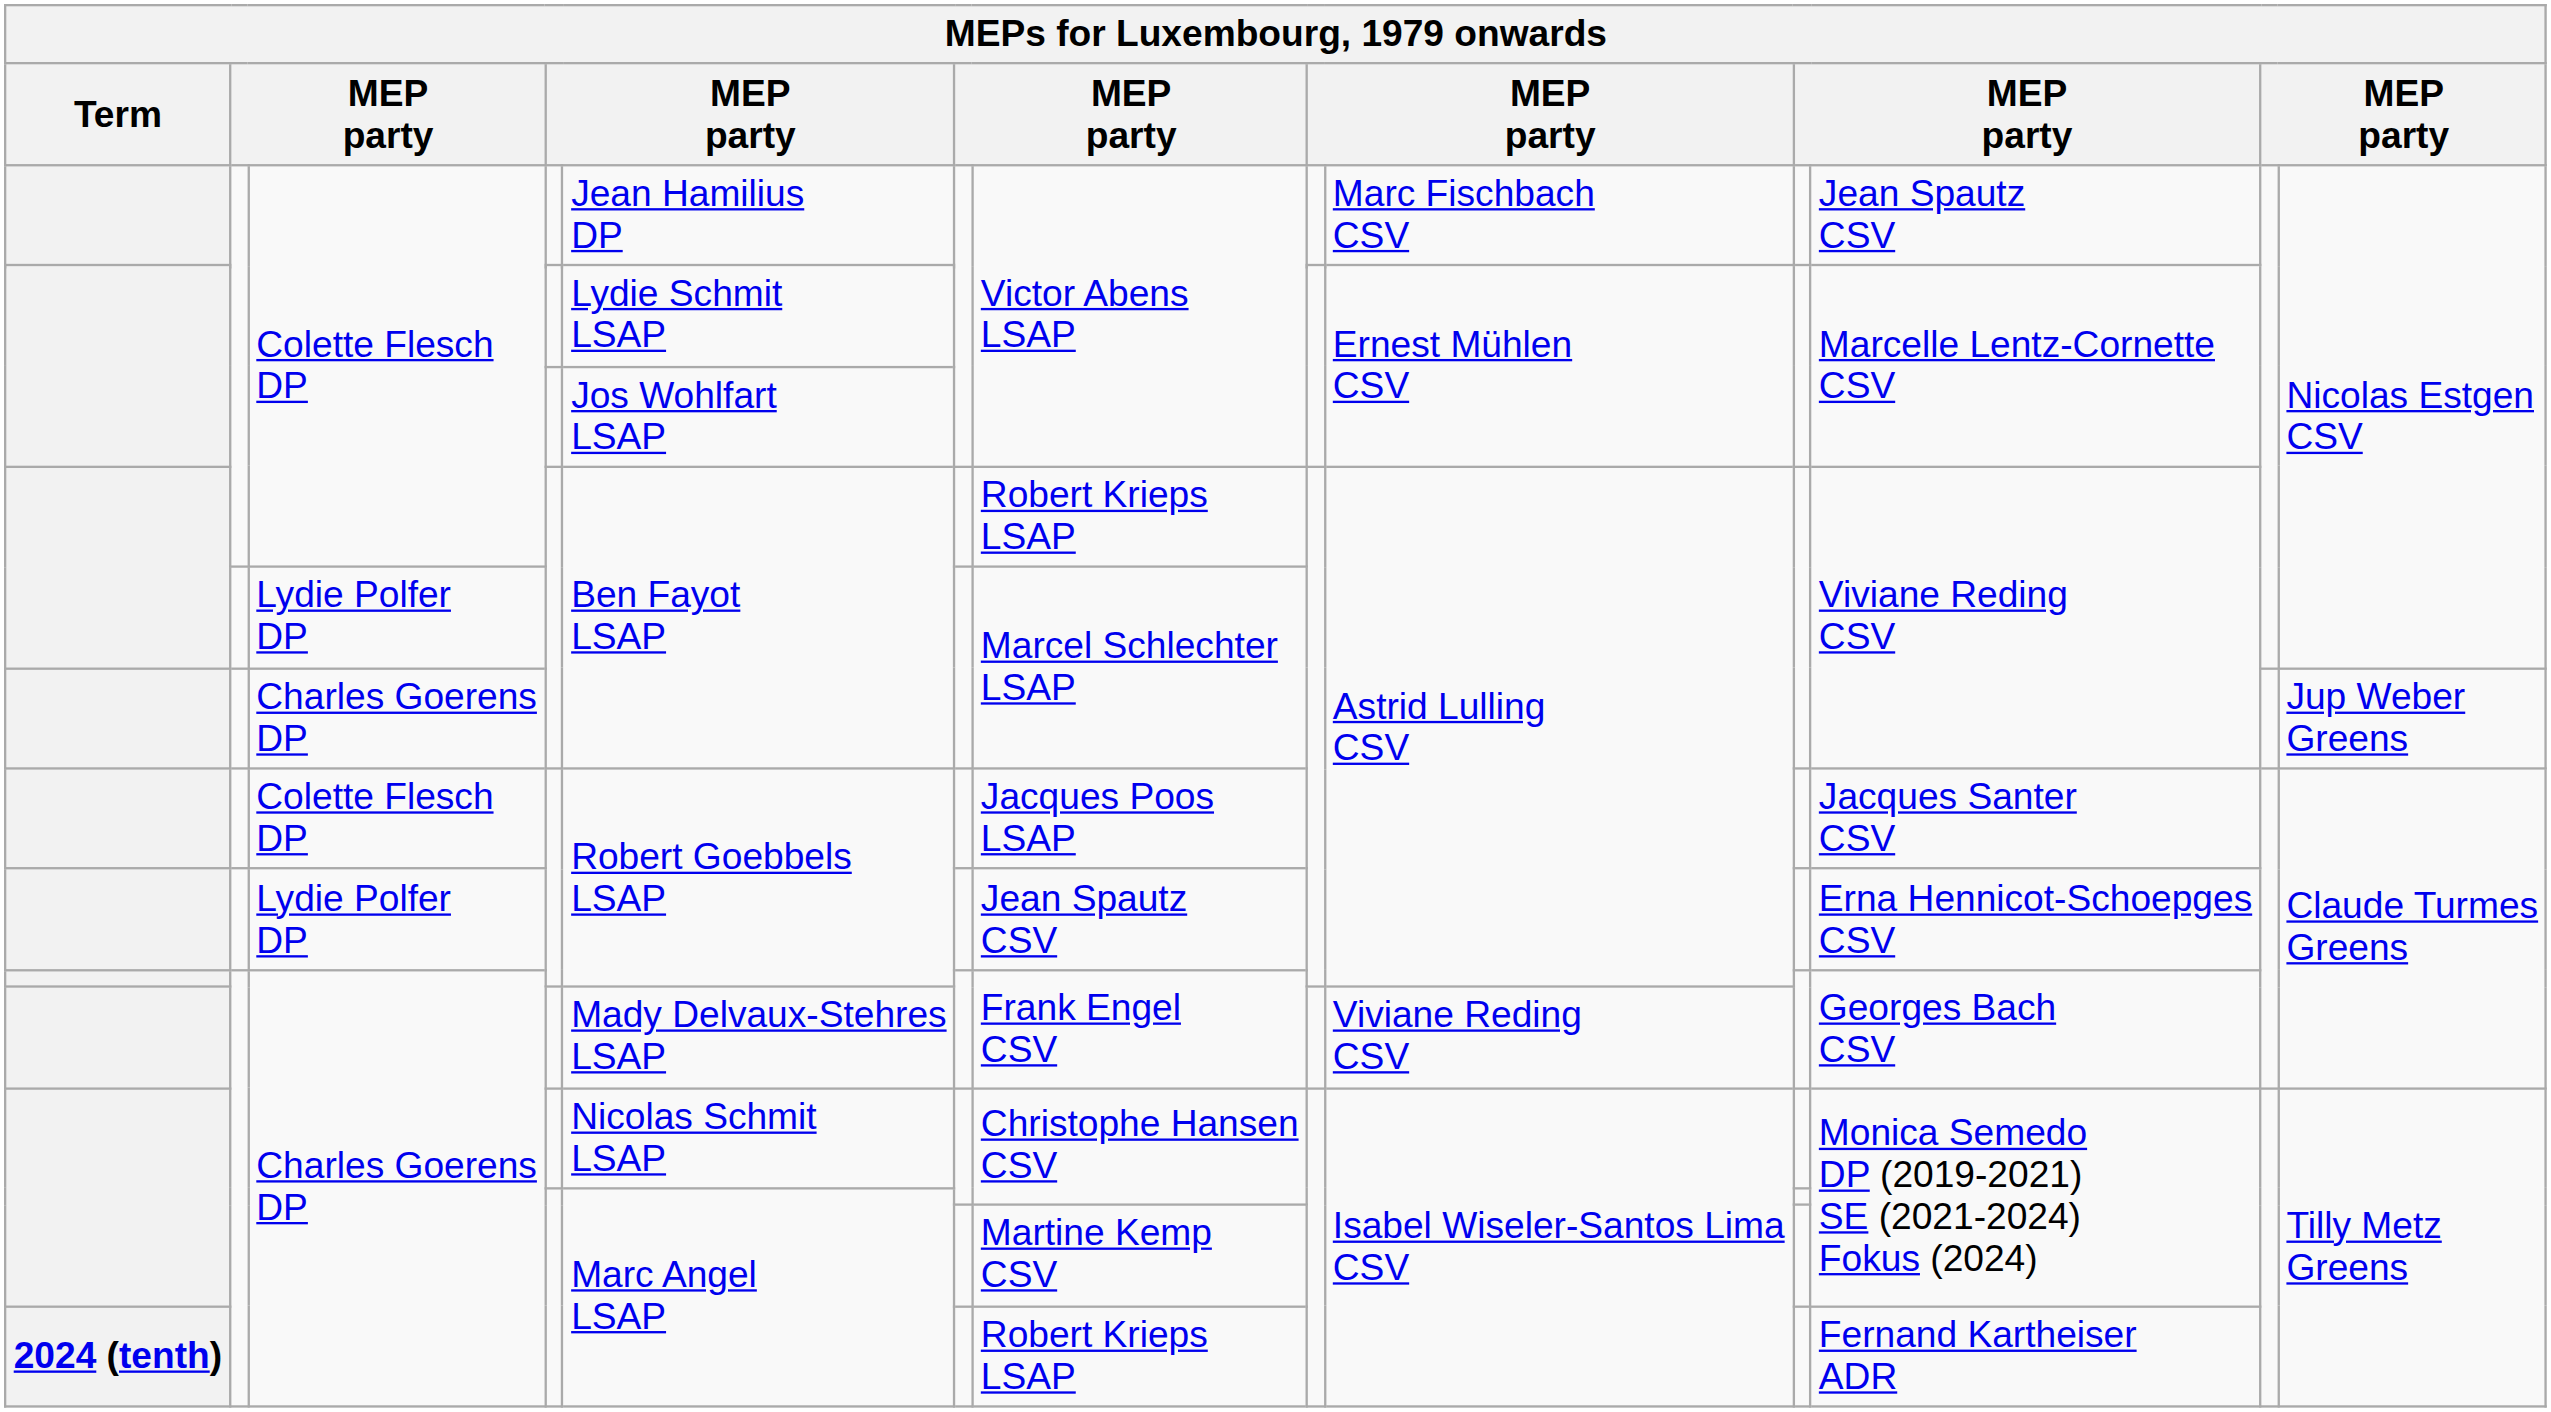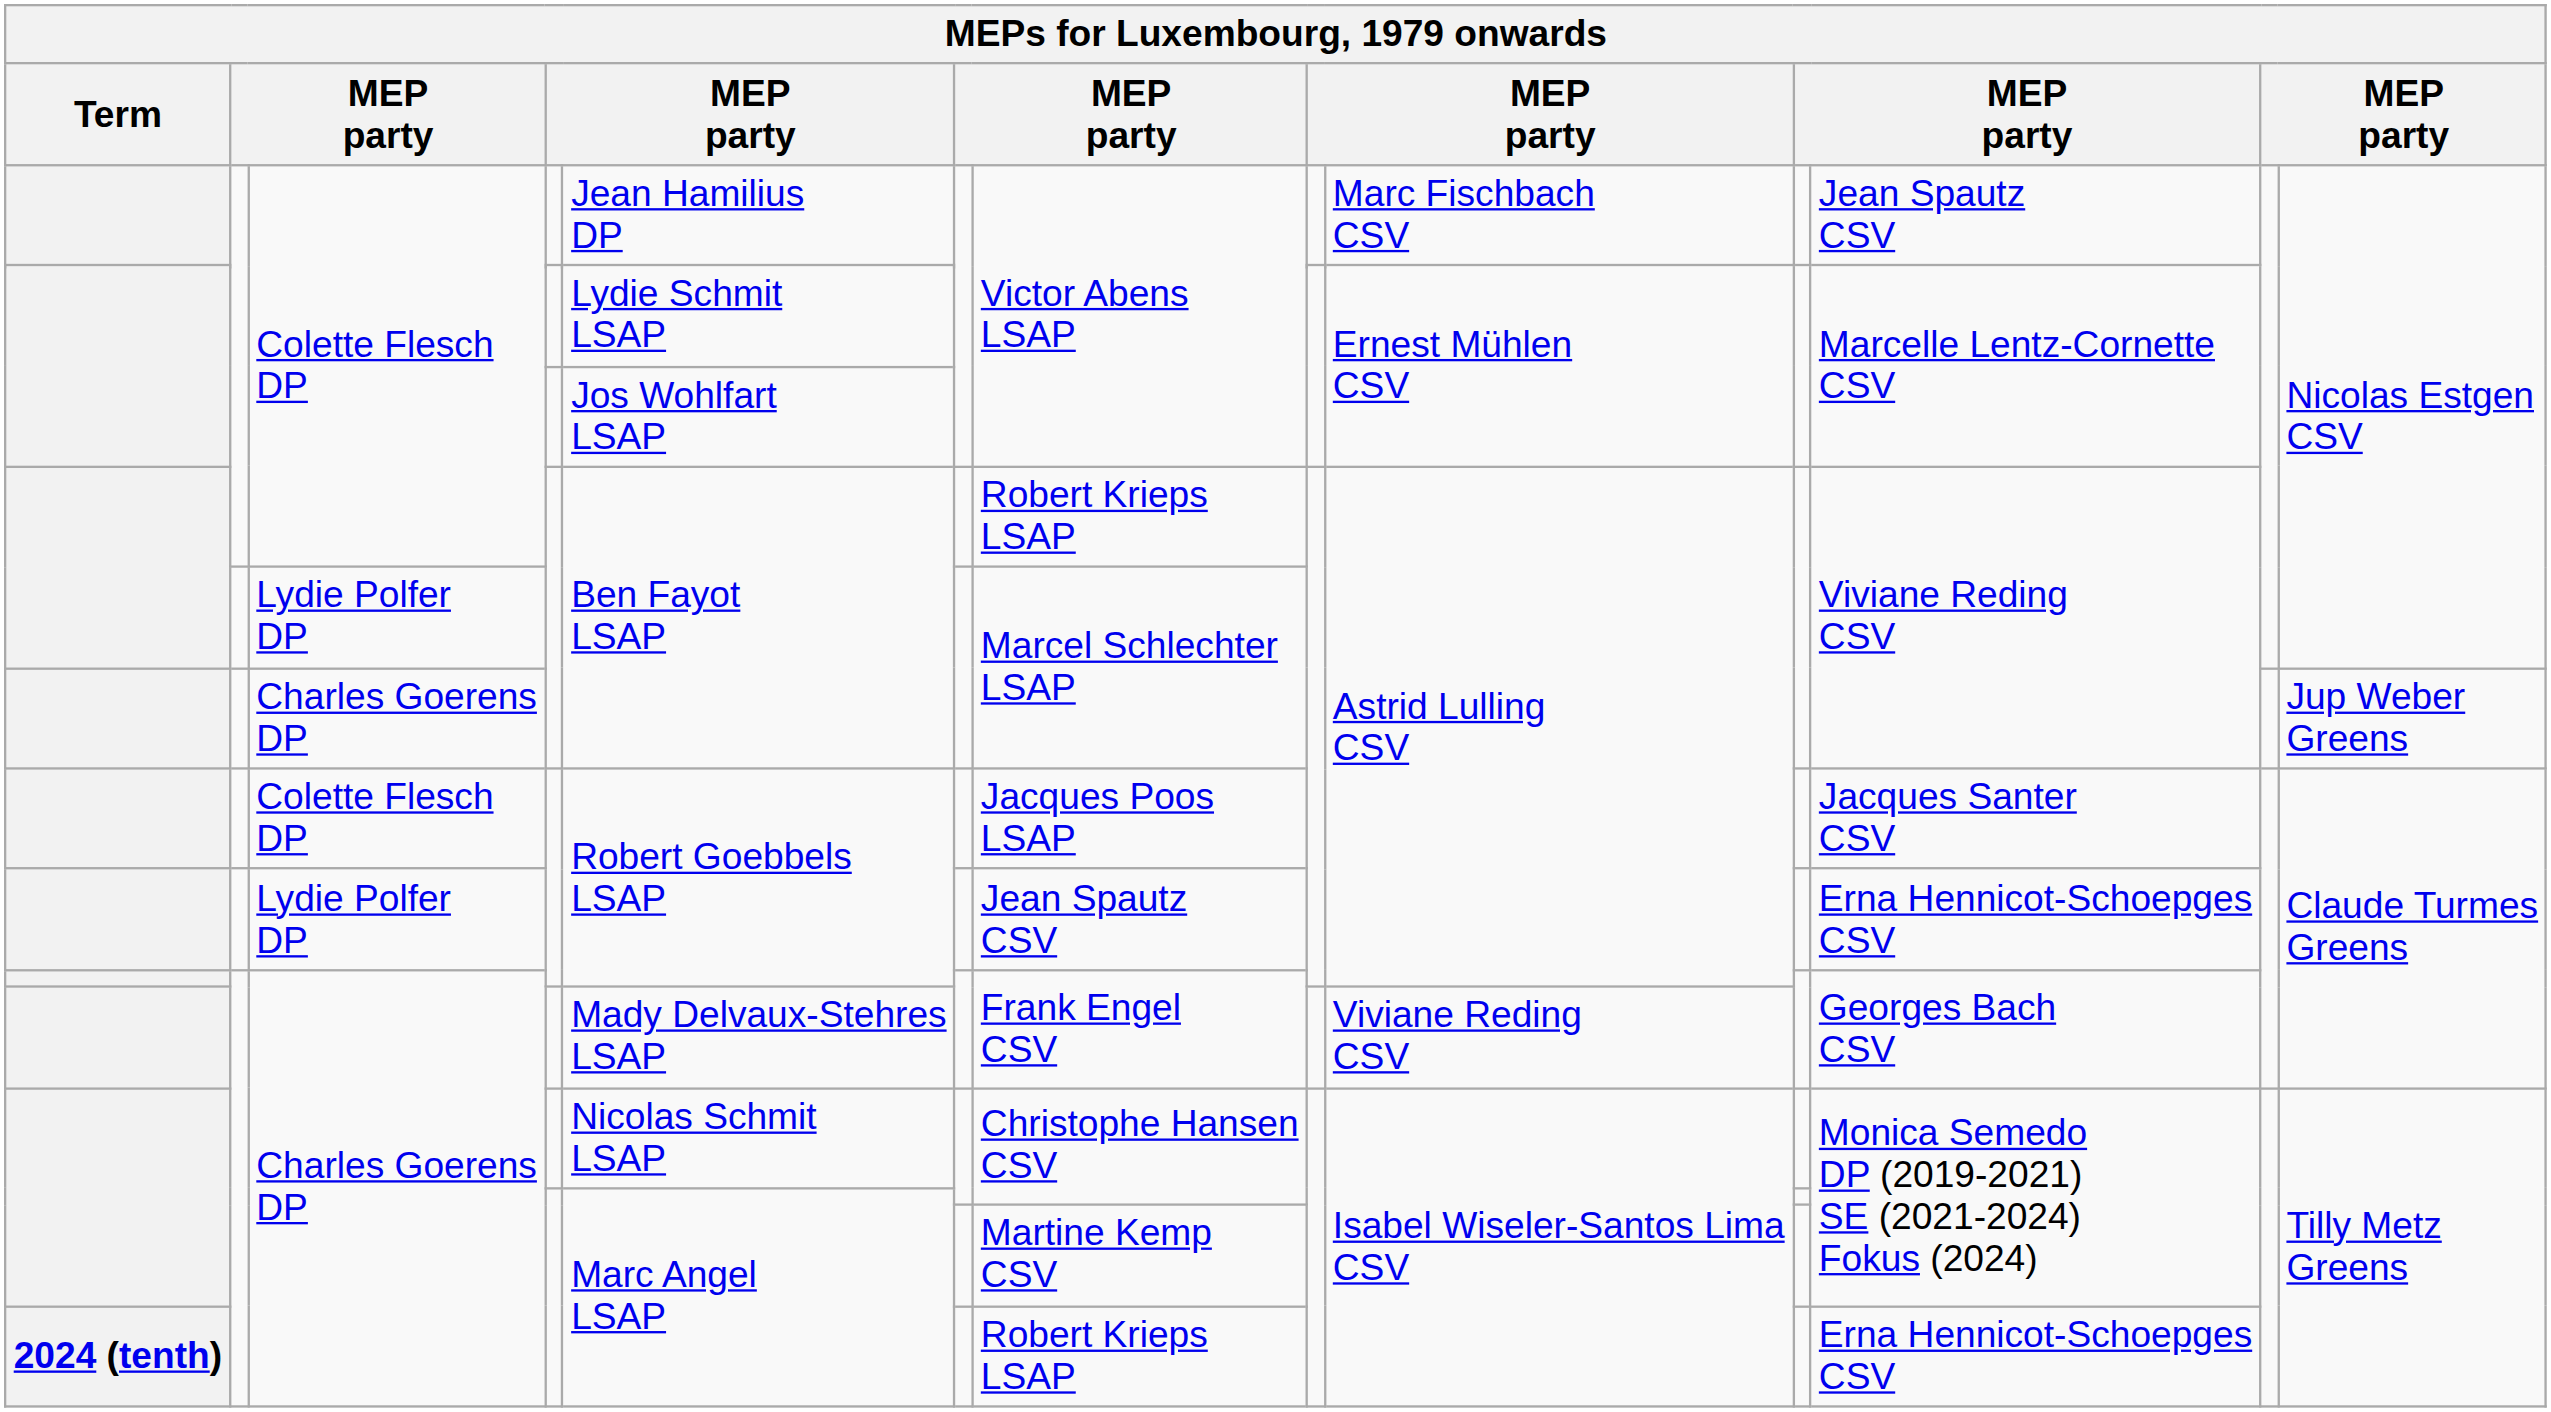 <table class="wikitable">
 <tr>
 <th colspan = 13>MEPs for Luxembourg, 1979 onwards</th>
 </tr>
 <tr>
 <th>Term</th>
 <th colspan = 2>MEP<br>party</th>
 <th colspan = 2>MEP<br>party</th>
 <th colspan = 2>MEP<br>party</th>
 <th colspan = 2>MEP<br>party</th>
 <th colspan = 2>MEP<br>party</th>
 <th colspan = 2>MEP<br>party</th>
 </tr>
 <tr>
 <th rowspan = 2></th>
 <td rowspan=5 style="background-color: "></td>
 <td rowspan = 5><a href='#'>Colette Flesch</a><br><a href='#'>DP</a></td>
 <td rowspan=2 style="background-color: "></td>
 <td rowspan = 2><a href='#'>Jean Hamilius</a><br><a href='#'>DP</a></td>
 <td rowspan=4 style="background-color: "></td>
 <td rowspan = 4><a href='#'>Victor Abens</a><br><a href='#'>LSAP</a></td>
 <td rowspan=2 style="background-color: "></td>
 <td rowspan = 2><a href='#'>Marc Fischbach</a><br><a href='#'>CSV</a></td>
 <td rowspan=1 style="background-color: "></td>
 <td rowspan = 1><a href='#'>Jean Spautz</a><br><a href='#'>CSV</a></td>
 <td rowspan=6 style="background-color: "></td>
 <td rowspan = 6><a href='#'>Nicolas Estgen</a><br><a href='#'>CSV</a></td>
 </tr>
 <tr>
 <td rowspan=3 style="background-color: "></td>
 <td rowspan = 3><a href='#'>Marcelle Lentz-Cornette</a><br><a href='#'>CSV</a></td>
 </tr>
 <tr>
 <th rowspan = 2></th>
 <td style="background-color: "></td>
 <td><a href='#'>Lydie Schmit</a><br><a href='#'>LSAP</a></td>
 <td rowspan=2 style="background-color: "></td>
 <td rowspan = 2><a href='#'>Ernest Mühlen</a><br><a href='#'>CSV</a></td>
 </tr>
 <tr>
 <td style="background-color: "></td>
 <td><a href='#'>Jos Wohlfart</a><br><a href='#'>LSAP</a></td>
 </tr>
 <tr>
 <th rowspan = 2></th>
 <td rowspan=3 style="background-color: "></td>
 <td rowspan = 3><a href='#'>Ben Fayot</a><br><a href='#'>LSAP</a></td>
 <td style="background-color: "></td>
 <td><a href='#'>Robert Krieps</a><br><a href='#'>LSAP</a></td>
 <td rowspan=6 style="background-color: "></td>
 <td rowspan = 6><a href='#'>Astrid Lulling</a><br><a href='#'>CSV</a></td>
 <td rowspan=3 style="background-color: "></td>
 <td rowspan = 3><a href='#'>Viviane Reding</a><br><a href='#'>CSV</a></td>
 </tr>
 <tr>
 <td style="background-color: "></td>
 <td><a href='#'>Lydie Polfer</a><br><a href='#'>DP</a></td>
 <td rowspan=2 style="background-color: "></td>
 <td rowspan = 2><a href='#'>Marcel Schlechter</a><br><a href='#'>LSAP</a></td>
 </tr>
 <tr>
 <th></th>
 <td style="background-color: "></td>
 <td><a href='#'>Charles Goerens</a><br><a href='#'>DP</a></td>
 <td style="background-color: "></td>
 <td><a href='#'>Jup Weber</a><br><a href='#'>Greens</a></td>
 </tr>
 <tr>
 <th></th>
 <td style="background-color: "></td>
 <td><a href='#'>Colette Flesch</a><br><a href='#'>DP</a></td>
 <td rowspan=3 style="background-color: "></td>
 <td rowspan = 3><a href='#'>Robert Goebbels</a><br><a href='#'>LSAP</a></td>
 <td style="background-color: "></td>
 <td><a href='#'>Jacques Poos</a><br><a href='#'>LSAP</a></td>
 <td style="background-color: "></td>
 <td><a href='#'>Jacques Santer</a><br><a href='#'>CSV</a></td>
 <td rowspan=4 style="background-color: "></td>
 <td rowspan = 4><a href='#'>Claude Turmes</a><br><a href='#'>Greens</a></td>
 </tr>
 <tr>
 <th></th>
 <td style="background-color: "></td>
 <td><a href='#'>Lydie Polfer</a><br><a href='#'>DP</a></td>
 <td style="background-color: "></td>
 <td><a href='#'>Jean Spautz</a><br><a href='#'>CSV</a></td>
 <td style="background-color: "></td>
 <td><a href='#'>Erna Hennicot-Schoepges</a><br><a href='#'>CSV</a></td>
 </tr>
 <tr>
 <th></th>
 <td rowspan=6 style="background-color: "></td>
 <td rowspan = 6><a href='#'>Charles Goerens</a><br><a href='#'>DP</a></td>
 <td rowspan=2 style="background-color: "></td>
 <td rowspan = 2><a href='#'>Frank Engel</a><br><a href='#'>CSV</a></td>
 <td rowspan=2 style="background-color: "></td>
 <td rowspan = 2><a href='#'>Georges Bach</a><br><a href='#'>CSV</a></td>
 </tr>
 <tr>
 <th></th>
 <td style="background-color: "></td>
 <td><a href='#'>Mady Delvaux-Stehres</a><br><a href='#'>LSAP</a></td>
 <td style="background-color: "></td>
 <td><a href='#'>Viviane Reding</a><br><a href='#'>CSV</a></td>
 </tr>
 <tr>
 <th rowspan="3"></th>
 <td style="background-color: "></td>
 <td><a href='#'>Nicolas Schmit</a><br><a href='#'>LSAP</a></td>
 <td rowspan=2 style="background-color: "></td>
 <td rowspan="2"><a href='#'>Christophe Hansen</a><br><a href='#'>CSV</a></td>
 <td rowspan=4 style="background-color: "></td>
 <td rowspan = 4><a href='#'>Isabel Wiseler-Santos Lima</a><br><a href='#'>CSV</a></td>
 <td style="background-color: "></td>
 <td rowspan = 3><a href='#'>Monica Semedo</a><br> <a href='#'>DP</a> (2019-2021)<br><a href='#'>SE</a> (2021-2024)<br><a href='#'>Fokus</a> (2024)</td>
 <td rowspan=4 style="background-color: "></td>
 <td rowspan = 4><a href='#'>Tilly Metz</a><br><a href='#'>Greens</a></td>
 </tr>
 <tr>
 <td rowspan=3 style="background-color: "></td>
 <td rowspan = 3><a href='#'>Marc Angel</a><br><a href='#'>LSAP</a></td>
 <td style="background-color: "></td>
 </tr>
 <tr>
 <td style="background-color: "></td>
 <td><a href='#'>Martine Kemp</a><br><a href='#'>CSV</a></td>
 <td style="background-color: "></td>
 </tr>
 <tr>
 <th><a href='#'>2024</a> (<a href='#'>tenth</a>)</th>
 <td style="background-color: "></td>
 <td><a href='#'>Robert Krieps</a><br><a href='#'>LSAP</a></td>
 <td style="background-color: "></td>
-<td><a href='#'>Fernand Kartheiser</a><br><a href='#'>ADR</a></td>
+<td><a href='#'>Erna Hennicot-Schoepges</a><br><a href='#'>CSV</a></td>
 </tr>
 </table>
